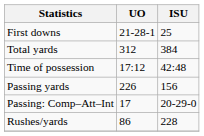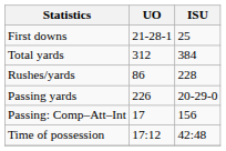 <table class="wikitable" style="float: left;">
 <tr>
 <th>Statistics</th>
 <th>UO</th>
 <th>ISU</th>
 </tr>
 <tr>
 <td>First downs</td>
 <td>21-28-1</td>
 <td>25</td>
 </tr>
 <tr>
 <td>Total yards</td>
 <td>312</td>
 <td>384</td>
 </tr>
 <tr>
+<td>Rushes/yards</td>
+<td>86</td>
+<td>228</td>
+</tr>
+<tr>
+<td>Passing yards</td>
+<td>226</td>
+<td>20-29-0</td>
+</tr>
+<tr>
+<td>Passing: Comp–Att–Int</td>
+<td>17</td>
+<td>156</td>
+</tr>
+<tr>
 <td>Time of possession</td>
 <td>17:12</td>
 <td>42:48</td>
 </tr>
 <tr>
-<td>Passing yards</td>
-<td>226</td>
-<td>156</td>
-</tr>
-<tr>
-<td>Passing: Comp–Att–Int</td>
-<td>17</td>
-<td>20-29-0</td>
-</tr>
-<tr>
-<td>Rushes/yards</td>
-<td>86</td>
-<td>228</td>
-</tr>
-<tr>
 </tr>
 </table>
